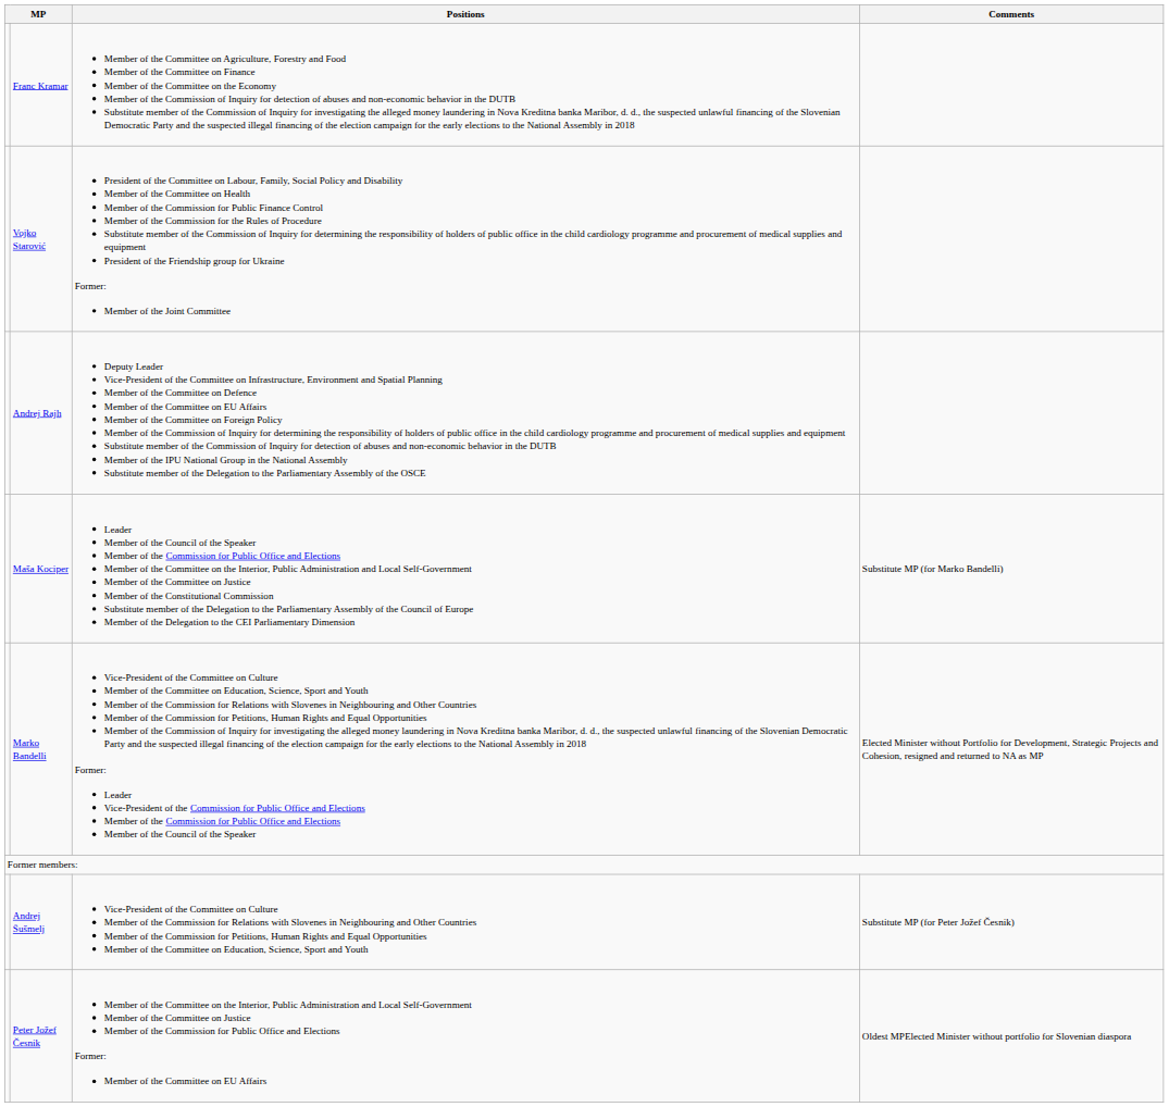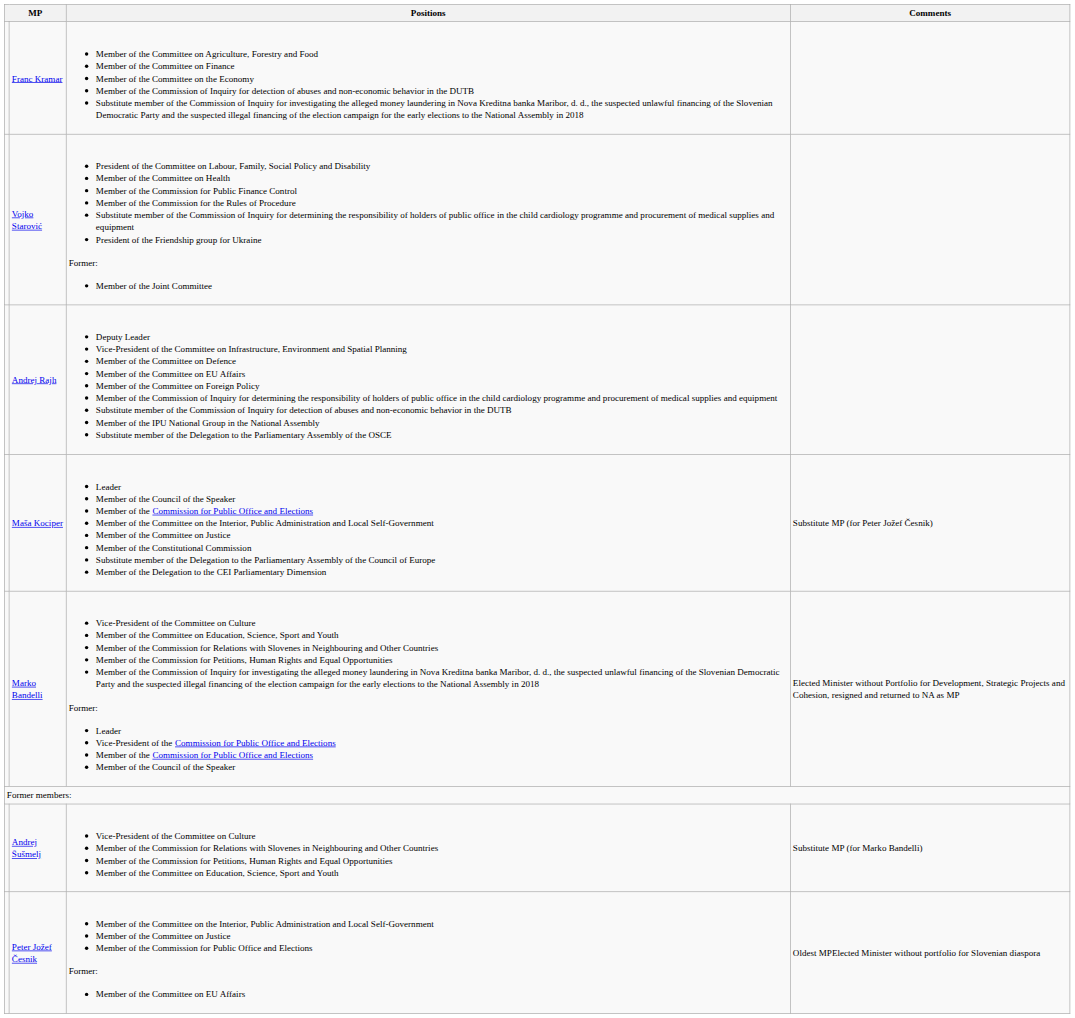 <table class="wikitable">
 <tr>
 <th colspan="2"><small>MP</small></th>
 <th><small>Positions</small></th>
 <th><small>Comments</small></th>
 </tr>
 <tr>
 <td style="background:"></td>
 <td><a href='#'><small>Franc Kramar</small></a></td>
 <td><br><ul><li><small>Member of the Committee on Agriculture, Forestry and Food</small></li><li><small>Member of the Committee on Finance</small></li><li><small>Member of the Committee on the Economy</small></li><li><small>Member of the Commission of Inquiry for detection of abuses and non-economic behavior in the DUTB</small></li><li><small>Substitute member of the Commission of Inquiry for investigating the alleged money laundering in Nova Kreditna banka Maribor, d. d., the suspected unlawful financing of the Slovenian Democratic Party and the suspected illegal financing of the election campaign for the early elections to the National Assembly in 2018</small></li></ul></td>
 <td></td>
 </tr>
 <tr>
 <td style="background:"></td>
 <td><a href='#'><small>Vojko Starović</small></a></td>
 <td><br><ul><li><small>President of the Committee on Labour, Family, Social Policy and Disability</small></li><li><small>Member of the Committee on Health</small></li><li><small>Member of the Commission for Public Finance Control</small></li><li><small>Member of the Commission for the Rules of Procedure</small></li><li><small>Substitute member of the Commission of Inquiry for determining the responsibility of holders of public office in the child cardiology programme and procurement of medical supplies and equipment</small></li><li><small>President of the Friendship group for Ukraine</small></li></ul><small>Former:</small><ul><li><small>Member of the Joint Committee</small></li></ul></td>
 <td></td>
 </tr>
 <tr>
 <td style="background:"></td>
 <td><a href='#'><small>Andrej Rajh</small></a></td>
 <td><br><ul><li><small>Deputy Leader</small></li><li><small>Vice-President of the Committee on Infrastructure, Environment and Spatial Planning</small></li><li><small>Member of the Committee on Defence</small></li><li><small>Member of the Committee on EU Affairs</small></li><li><small>Member of the Committee on Foreign Policy</small></li><li><small>Member of the Commission of Inquiry for determining the responsibility of holders of public office in the child cardiology programme and procurement of medical supplies and equipment</small></li><li><small>Substitute member of the Commission of Inquiry for detection of abuses and non-economic behavior in the DUTB</small></li><li><small>Member of the IPU National Group in the National Assembly</small></li><li><small>Substitute member of the Delegation to the Parliamentary Assembly of the OSCE</small></li></ul></td>
 <td></td>
 </tr>
 <tr>
 <td style="background:"></td>
 <td><a href='#'><small>Maša Kociper</small></a></td>
 <td><br><ul><li><small>Leader</small></li><li><small>Member of the Council of the Speaker</small></li><li><small>Member of the</small> <small><a href='#'>Commission for Public Office and Elections</a></small></li><li><small>Member of the Committee on the Interior, Public Administration and Local Self-Government</small></li><li><small>Member of the Committee on Justice</small></li><li><small>Member of the Constitutional Commission</small></li><li><small>Substitute member of the Delegation to the Parliamentary Assembly of the Council of Europe</small></li><li><small>Member of the Delegation to the CEI Parliamentary Dimension</small></li></ul></td>
-<td><small>Substitute MP (for Marko Bandelli)</small></td>
+<td><small>Substitute MP (for Peter Jožef Česnik)</small></td>
 </tr>
 <tr>
 <td style="background:"></td>
 <td><a href='#'><small>Marko Bandelli</small></a></td>
 <td><br><ul><li><small>Vice-President of the Committee on Culture</small></li><li><small>Member of the Committee on Education, Science, Sport and Youth</small></li><li><small>Member of the Commission for Relations with Slovenes in Neighbouring and Other Countries</small></li><li><small>Member of the Commission for Petitions, Human Rights and Equal Opportunities</small></li><li><small>Member of the Commission of Inquiry for investigating the alleged money laundering in Nova Kreditna banka Maribor, d. d., the suspected unlawful financing of the Slovenian Democratic Party and the suspected illegal financing of the election campaign for the early elections to the National Assembly in 2018</small></li></ul><small>Former:</small><ul><li><small>Leader</small></li><li><small>Vice-President of the</small> <small><a href='#'>Commission for Public Office and Elections</a></small></li><li><small>Member of the</small> <small><a href='#'>Commission for Public Office and Elections</a></small></li><li><small>Member of the Council of the Speaker</small></li></ul></td>
 <td><small>Elected Minister without Portfolio for Development, Strategic Projects and Cohesion, resigned and returned to NA as MP</small></td>
 </tr>
 <tr>
 <td colspan="4"><small>Former members:</small></td>
 </tr>
 <tr>
 <td style="background:"></td>
 <td><a href='#'><small>Andrej Šušmelj</small></a></td>
 <td><br><ul><li><small>Vice-President of the Committee on Culture</small></li><li><small>Member of the Commission for Relations with Slovenes in Neighbouring and Other Countries</small></li><li><small>Member of the Commission for Petitions, Human Rights and Equal Opportunities</small></li><li><small>Member of the Committee on Education, Science, Sport and Youth</small></li></ul></td>
-<td><small>Substitute MP (for Peter Jožef Česnik)</small></td>
+<td><small>Substitute MP (for Marko Bandelli)</small></td>
 </tr>
 <tr>
 <td style="background:"></td>
 <td><a href='#'><small>Peter Jožef Česnik</small></a></td>
 <td><br><ul><li><small>Member of the Committee on the Interior, Public Administration and Local Self-Government</small></li><li><small>Member of the Committee on Justice</small></li><li><small>Member of the Commission for Public Office and Elections</small></li></ul><small>Former:</small><ul><li><small>Member of the Committee on EU Affairs</small></li></ul></td>
 <td><small>Oldest MP</small><small>Elected Minister without portfolio for Slovenian diaspora</small></td>
 </tr>
 </table>
